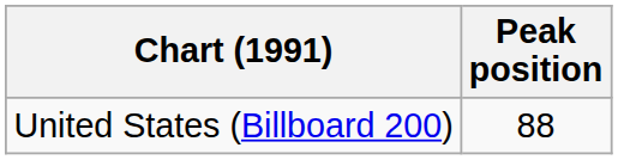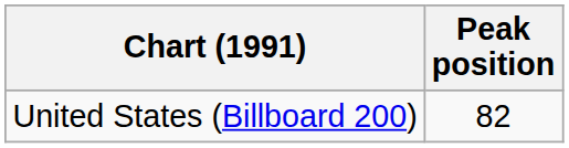 <table class="wikitable">
 <tr>
 <th scope="col">Chart (1991)</th>
 <th>Peak<br>position</th>
 </tr>
 <tr>
 <td>United States (<a href='#'>Billboard 200</a>)</td>
-<td style="text-align:center;">88</td>
+<td style="text-align:center;">82</td>
 </tr>
 </table>
